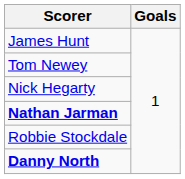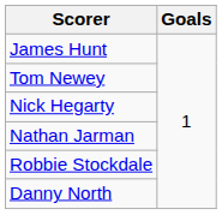 <table class="wikitable">
 <tr>
 <th>Scorer</th>
 <th>Goals</th>
 </tr>
 <tr>
 <td> <a href='#'>James Hunt</a></td>
 <td rowspan="6" align=center>1</td>
 </tr>
 <tr>
 <td> <a href='#'>Tom Newey</a></td>
 </tr>
 <tr>
 <td> <a href='#'>Nick Hegarty</a></td>
 </tr>
 <tr>
-<td><strong> <a href='#'>Nathan Jarman</a></strong></td>
+<td> <a href='#'>Nathan Jarman</a></td>
 </tr>
 <tr>
 <td> <a href='#'>Robbie Stockdale</a></td>
 </tr>
 <tr>
-<td><strong> <a href='#'>Danny North</a></strong></td>
+<td> <a href='#'>Danny North</a></td>
 </tr>
 </table>
